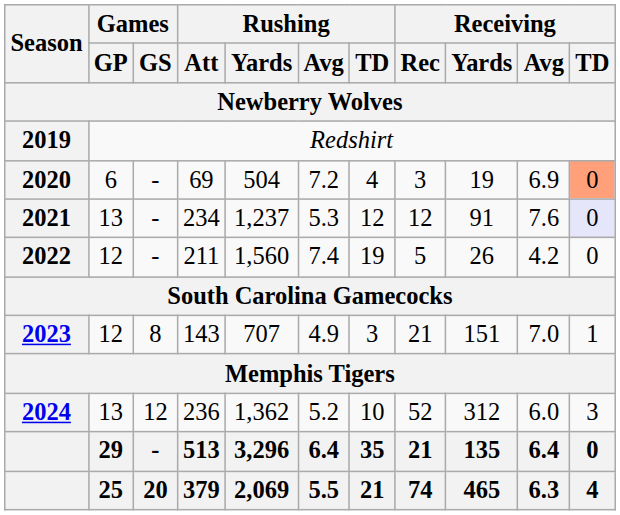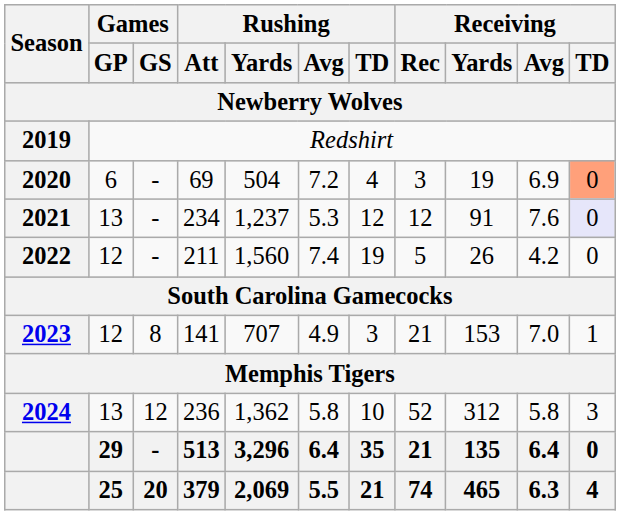 <table class="wikitable" style="text-align:center;">
 <tr>
 <th rowspan="2">Season</th>
 <th colspan="2">Games</th>
 <th colspan="4">Rushing</th>
 <th colspan="4">Receiving</th>
 </tr>
 <tr>
 <th>GP</th>
 <th>GS</th>
 <th>Att</th>
 <th>Yards</th>
 <th>Avg</th>
 <th>TD</th>
 <th>Rec</th>
 <th>Yards</th>
 <th>Avg</th>
 <th>TD</th>
 </tr>
 <tr>
 <th colspan="11">Newberry Wolves</th>
 </tr>
 <tr>
 <th>2019</th>
 <td colspan="10"><em>Redshirt </em></td>
 </tr>
 <tr>
 <th>2020</th>
 <td>6</td>
 <td>-</td>
 <td>69</td>
 <td>504</td>
 <td>7.2</td>
 <td>4</td>
 <td>3</td>
 <td>19</td>
 <td>6.9</td>
 <td style="background: lightsalmon;">0</td>
 </tr>
 <tr>
 <th>2021</th>
 <td>13</td>
 <td>-</td>
 <td>234</td>
 <td>1,237</td>
 <td>5.3</td>
 <td>12</td>
 <td>12</td>
 <td>91</td>
 <td>7.6</td>
 <td style="background: lavender;">0</td>
 </tr>
 <tr>
 <th>2022</th>
 <td>12</td>
 <td>-</td>
 <td>211</td>
 <td>1,560</td>
 <td>7.4</td>
 <td>19</td>
 <td>5</td>
 <td>26</td>
 <td>4.2</td>
 <td>0</td>
 </tr>
 <tr>
 <th colspan="11">South Carolina Gamecocks</th>
 </tr>
 <tr>
 <th><a href='#'>2023</a></th>
 <td>12</td>
 <td>8</td>
-<td>143</td>
+<td>141</td>
 <td>707</td>
 <td>4.9</td>
 <td>3</td>
 <td>21</td>
-<td>151</td>
+<td>153</td>
 <td>7.0</td>
 <td>1</td>
 </tr>
 <tr>
 <th colspan="11">Memphis Tigers</th>
 </tr>
 <tr>
 <th><a href='#'>2024</a></th>
 <td>13</td>
 <td>12</td>
 <td>236</td>
 <td>1,362</td>
-<td>5.2</td>
+<td>5.8</td>
 <td>10</td>
 <td>52</td>
 <td>312</td>
-<td>6.0</td>
+<td>5.8</td>
 <td>3</td>
 </tr>
 <tr>
 <th></th>
 <th>29</th>
 <th>-</th>
 <th>513</th>
 <th>3,296</th>
 <th>6.4</th>
 <th>35</th>
 <th>21</th>
 <th>135</th>
 <th>6.4</th>
 <th>0</th>
 </tr>
 <tr>
 <th></th>
 <th>25</th>
 <th>20</th>
 <th>379</th>
 <th>2,069</th>
 <th>5.5</th>
 <th>21</th>
 <th>74</th>
 <th>465</th>
 <th>6.3</th>
 <th>4</th>
 </tr>
 </table>
